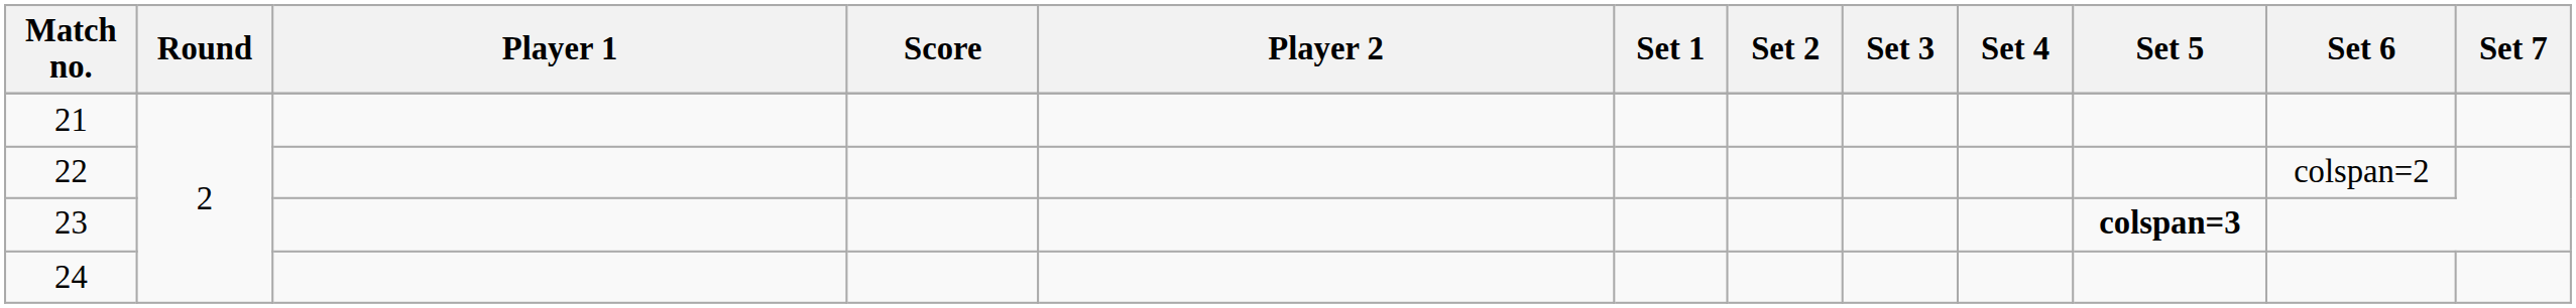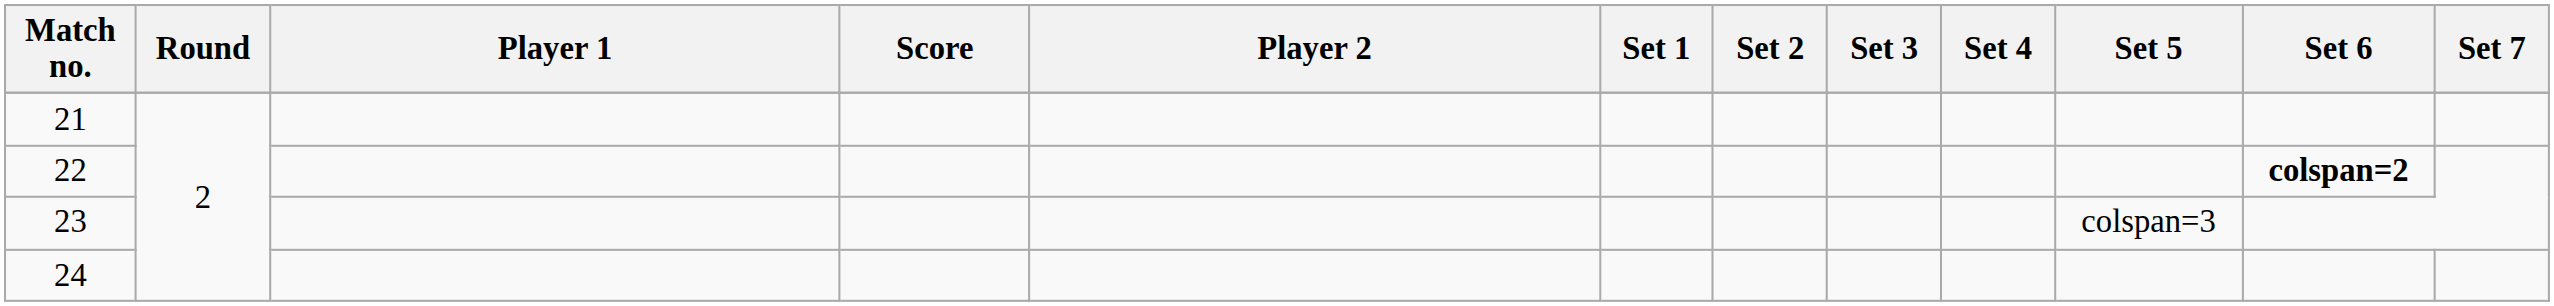 <table class="wikitable" style="text-align: center;">
 <tr>
 <th width="2%">Match no.</th>
 <th width="2%">Round</th>
 <th width="15%">Player 1</th>
 <th width="5%">Score</th>
 <th width="15%">Player 2</th>
 <th width="3%">Set 1</th>
 <th width="3%">Set 2</th>
 <th width="3%">Set 3</th>
 <th width="3%">Set 4</th>
 <th width="3%">Set 5</th>
 <th width="3%">Set 6</th>
 <th width="3%">Set 7</th>
 </tr>
 <tr>
 </tr>
 <tr style=text-align:center;>
 <td>21</td>
 <td rowspan=8>2</td>
 <td></td>
 <td></td>
 <td></td>
 <td></td>
 <td></td>
 <td></td>
 <td></td>
 <td></td>
 <td></td>
 <td></td>
 </tr>
 <tr style=text-align:center;>
 <td>22</td>
 <td></td>
 <td></td>
 <td></td>
 <td></td>
 <td></td>
 <td></td>
 <td></td>
 <td></td>
-<td>colspan=2</td>
+<td><strong>colspan=2</strong></td>
 </tr>
 <tr style=text-align:center;>
 <td>23</td>
 <td></td>
 <td></td>
 <td></td>
 <td></td>
 <td></td>
 <td></td>
 <td></td>
-<td><strong>colspan=3</strong></td>
+<td>colspan=3</td>
 </tr>
 <tr style=text-align:center;>
 <td>24</td>
 <td></td>
 <td></td>
 <td></td>
 <td></td>
 <td></td>
 <td></td>
 <td></td>
 <td></td>
 <td></td>
 <td></td>
 </tr>
 </table>
